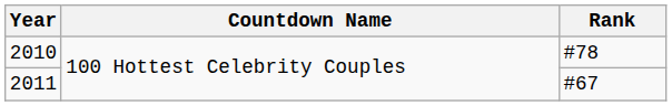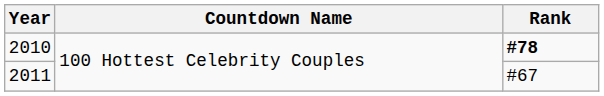 <table class="wikitable sortable">
 <tr>
 <th scope="col" style="width:1em;">Year</th>
 <th scope="col" style="width:25em;">Countdown Name</th>
 <th scope="col" style="width:5em;">Rank</th>
 </tr>
 <tr>
 <td>2010</td>
 <td rowspan=2>100 Hottest Celebrity Couples</td>
-<td>#78</td>
+<td><strong>#78</strong></td>
 </tr>
 <tr>
 <td>2011</td>
 <td>#67</td>
 </tr>
 </table>
